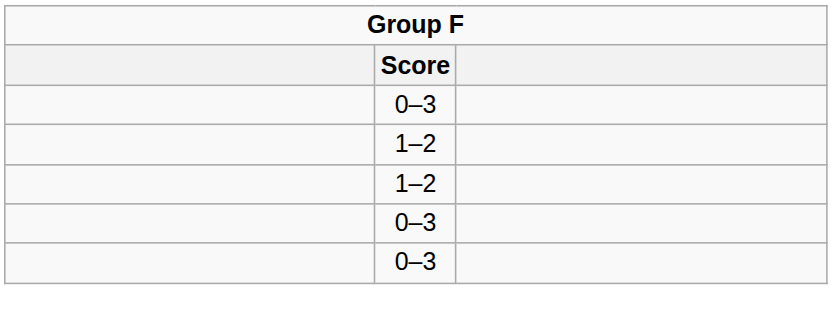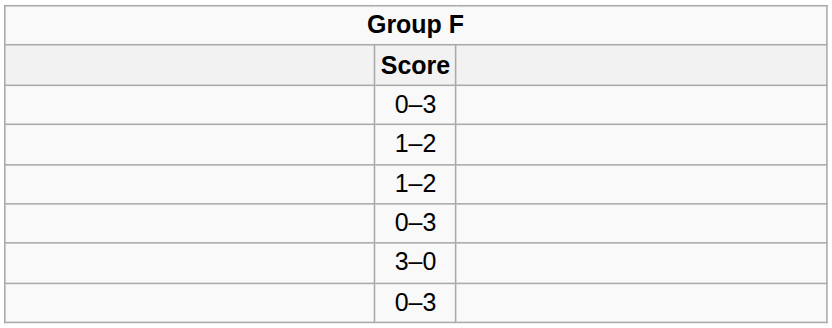 <table class="wikitable" style="text-align: center; display: inline-table;">
 <tr>
 <td colspan="3"><strong>Group F</strong></td>
 </tr>
 <tr>
 <th scope="col" style="width: 230px;"></th>
 <th scope="col" style="width: 30px;">Score</th>
 <th scope="col" style="width: 230px;"></th>
 </tr>
 <tr>
 <td></td>
 <td>0–3</td>
 <td></td>
 </tr>
 <tr>
 <td></td>
 <td>1–2</td>
 <td></td>
 </tr>
 <tr>
 <td></td>
 <td>1–2</td>
 <td></td>
 </tr>
 <tr>
 <td></td>
 <td>0–3</td>
 <td></td>
 </tr>
 <tr>
 <td></td>
+<td>3–0</td>
+<td></td>
+</tr>
+<tr>
+<td></td>
 <td>0–3</td>
 <td></td>
 </tr>
 </table>
